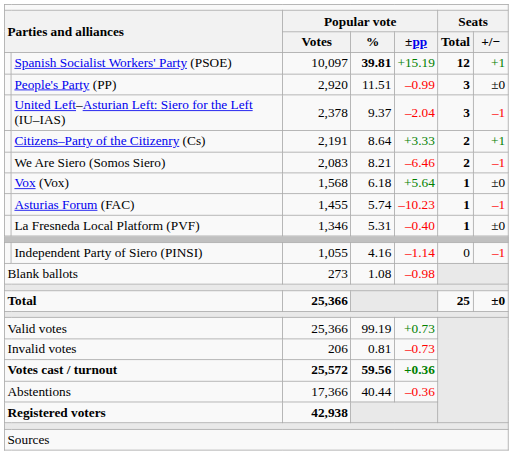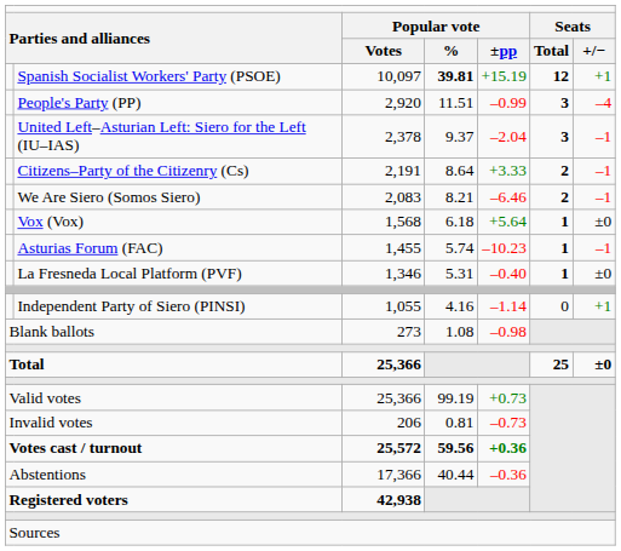 <table class="wikitable" style="text-align:right;">
 <tr>
 <td colspan="7"></td>
 </tr>
 <tr>
 <th style="text-align:left;" rowspan="2" colspan="2" width="525">Parties and alliances</th>
 <th colspan="3">Popular vote</th>
 <th colspan="2">Seats</th>
 </tr>
 <tr>
 <th width="75">Votes</th>
 <th width="45">%</th>
 <th width="45">±<a href='#'>pp</a></th>
 <th width="35">Total</th>
 <th width="35">+/−</th>
 </tr>
 <tr>
 <td width="1" style="color:inherit;background:"></td>
 <td align="left"><a href='#'>Spanish Socialist Workers' Party</a> (PSOE)</td>
 <td>10,097</td>
 <td><strong>39.81</strong></td>
 <td style="color:green;">+15.19</td>
 <td><strong>12</strong></td>
 <td style="color:green;">+1</td>
 </tr>
 <tr>
 <td style="color:inherit;background:"></td>
 <td align="left"><a href='#'>People's Party</a> (PP)</td>
 <td>2,920</td>
 <td>11.51</td>
 <td style="color:red;">–0.99</td>
 <td><strong>3</strong></td>
-<td>±0</td>
+<td style="color:red;">–4</td>
 </tr>
 <tr>
 <td style="color:inherit;background:"></td>
 <td align="left"><a href='#'>United Left</a>–<a href='#'>Asturian Left: Siero for the Left</a> (IU–IAS)</td>
 <td>2,378</td>
 <td>9.37</td>
 <td style="color:red;">–2.04</td>
 <td><strong>3</strong></td>
 <td style="color:red;">–1</td>
 </tr>
 <tr>
 <td style="color:inherit;background:"></td>
 <td align="left"><a href='#'>Citizens–Party of the Citizenry</a> (Cs)</td>
 <td>2,191</td>
 <td>8.64</td>
 <td style="color:green;">+3.33</td>
 <td><strong>2</strong></td>
-<td style="color:green;">+1</td>
+<td style="color:red;">–1</td>
 </tr>
 <tr>
 <td style="color:inherit;background:"></td>
 <td align="left">We Are Siero (Somos Siero)</td>
 <td>2,083</td>
 <td>8.21</td>
 <td style="color:red;">–6.46</td>
 <td><strong>2</strong></td>
 <td style="color:red;">–1</td>
 </tr>
 <tr>
 <td style="color:inherit;background:"></td>
 <td align="left"><a href='#'>Vox</a> (Vox)</td>
 <td>1,568</td>
 <td>6.18</td>
 <td style="color:green;">+5.64</td>
 <td><strong>1</strong></td>
 <td>±0</td>
 </tr>
 <tr>
 <td style="color:inherit;background:"></td>
 <td align="left"><a href='#'>Asturias Forum</a> (FAC)</td>
 <td>1,455</td>
 <td>5.74</td>
 <td style="color:red;">–10.23</td>
 <td><strong>1</strong></td>
 <td style="color:red;">–1</td>
 </tr>
 <tr>
 <td style="color:inherit;background:"></td>
 <td align="left">La Fresneda Local Platform (PVF)</td>
 <td>1,346</td>
 <td>5.31</td>
 <td style="color:red;">–0.40</td>
 <td><strong>1</strong></td>
 <td>±0</td>
 </tr>
 <tr>
 <td colspan="7" style="color:inherit;background:#C0C0C0"></td>
 </tr>
 <tr>
 <td style="color:inherit;background:"></td>
 <td align="left">Independent Party of Siero (PINSI)</td>
 <td>1,055</td>
 <td>4.16</td>
 <td style="color:red;">–1.14</td>
 <td>0</td>
-<td style="color:red;">–1</td>
+<td style="color:green;">+1</td>
 </tr>
 <tr>
 <td align="left" colspan="2">Blank ballots</td>
 <td>273</td>
 <td>1.08</td>
 <td style="color:red;">–0.98</td>
 <td style="color:inherit;background:#E9E9E9" colspan="2"></td>
 </tr>
 <tr>
 <td colspan="7" style="color:inherit;background:#E9E9E9"></td>
 </tr>
 <tr style="font-weight:bold;">
 <td align="left" colspan="2">Total</td>
 <td>25,366</td>
 <td bgcolor="#E9E9E9" colspan="2"></td>
 <td>25</td>
 <td>±0</td>
 </tr>
 <tr>
 <td colspan="7" style="color:inherit;background:#E9E9E9"></td>
 </tr>
 <tr>
 <td align="left" colspan="2">Valid votes</td>
 <td>25,366</td>
 <td>99.19</td>
 <td style="color:green;">+0.73</td>
 <td bgcolor="#E9E9E9" colspan="2" rowspan="5"></td>
 </tr>
 <tr>
 <td align="left" colspan="2">Invalid votes</td>
 <td>206</td>
 <td>0.81</td>
 <td style="color:red;">–0.73</td>
 </tr>
 <tr style="font-weight:bold;">
 <td align="left" colspan="2">Votes cast / turnout</td>
 <td>25,572</td>
 <td>59.56</td>
 <td style="color:green;">+0.36</td>
 </tr>
 <tr>
 <td align="left" colspan="2">Abstentions</td>
 <td>17,366</td>
 <td>40.44</td>
 <td style="color:red;">–0.36</td>
 </tr>
 <tr style="font-weight:bold;">
 <td align="left" colspan="2">Registered voters</td>
 <td>42,938</td>
 <td bgcolor="#E9E9E9" colspan="2"></td>
 </tr>
 <tr>
 <td colspan="7" style="color:inherit;background:#E9E9E9"></td>
 </tr>
 <tr>
 <td align="left" colspan="7">Sources</td>
 </tr>
 </table>
